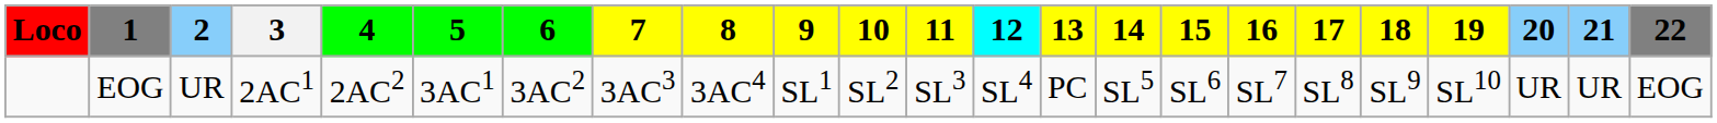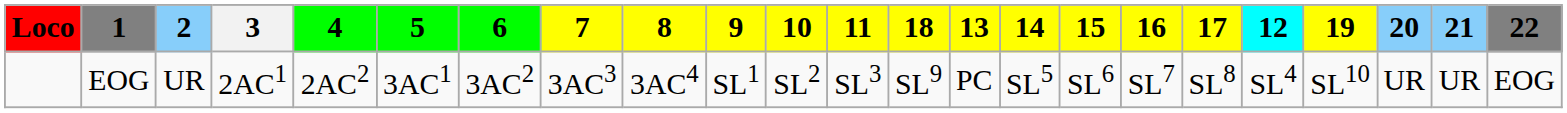 <table class="wikitable">
 <tr>
 <th scope="col" rowspan="1" style="background:red;">Loco</th>
 <th scope="col" rowspan="1" style="background:grey;">1</th>
 <th scope="col" rowspan="1" style="background:lightskyblue;">2</th>
 <th scope="col" rowspan="1" style="background:ligh;">3</th>
 <th rowspan="1" scope="col" style="background:lime;">4</th>
 <th rowspan="1" scope="col" style="background:lime;">5</th>
 <th rowspan="1" scope="col" style="background:lime;">6</th>
 <th rowspan="1" scope="col" style="background:yellow;">7</th>
 <th rowspan="1" scope="col" style="background:yellow;">8</th>
 <th rowspan="1" scope="col" style="background:yellow;">9</th>
 <th rowspan="1" scope="col" style="background:yellow;">10</th>
 <th rowspan="1" scope="col" style="background:yellow;">11</th>
-<th rowspan="1" scope="col" style="background:cyan;">12</th>
+<th rowspan="1" scope="col" style="background:yellow;">18</th>
 <th rowspan="1" scope="col" style="background:yellow;">13</th>
 <th rowspan="1" scope="col" style="background:yellow;">14</th>
 <th rowspan="1" scope="col" style="background:yellow;">15</th>
 <th rowspan="1" scope="col" style="background:yellow;">16</th>
 <th rowspan="1" scope="col" style="background:yellow;">17</th>
-<th rowspan="1" scope="col" style="background:yellow;">18</th>
+<th rowspan="1" scope="col" style="background:cyan;">12</th>
 <th rowspan="1" scope="col" style="background:yellow;">19</th>
 <th rowspan="1" scope="col" style="background:lightskyblue;">20</th>
 <th rowspan="1" scope="col" style="background:lightskyblue;">21</th>
 <th rowspan="1" scope="col" style="background:grey;">22</th>
 </tr>
 <tr>
 <td></td>
 <td>EOG</td>
 <td>UR</td>
 <td>2AC<sup>1</sup></td>
 <td>2AC<sup>2</sup></td>
 <td>3AC<sup>1</sup></td>
 <td>3AC<sup>2</sup></td>
 <td>3AC<sup>3</sup></td>
 <td>3AC<sup>4</sup></td>
 <td>SL<sup>1</sup></td>
 <td>SL<sup>2</sup></td>
 <td>SL<sup>3</sup></td>
-<td>SL<sup>4</sup></td>
+<td>SL<sup>9</sup></td>
 <td>PC</td>
 <td>SL<sup>5</sup></td>
 <td>SL<sup>6</sup></td>
 <td>SL<sup>7</sup></td>
 <td>SL<sup>8</sup></td>
-<td>SL<sup>9</sup></td>
+<td>SL<sup>4</sup></td>
 <td>SL<sup>10</sup></td>
 <td>UR</td>
 <td>UR</td>
 <td>EOG</td>
 </tr>
 </table>
